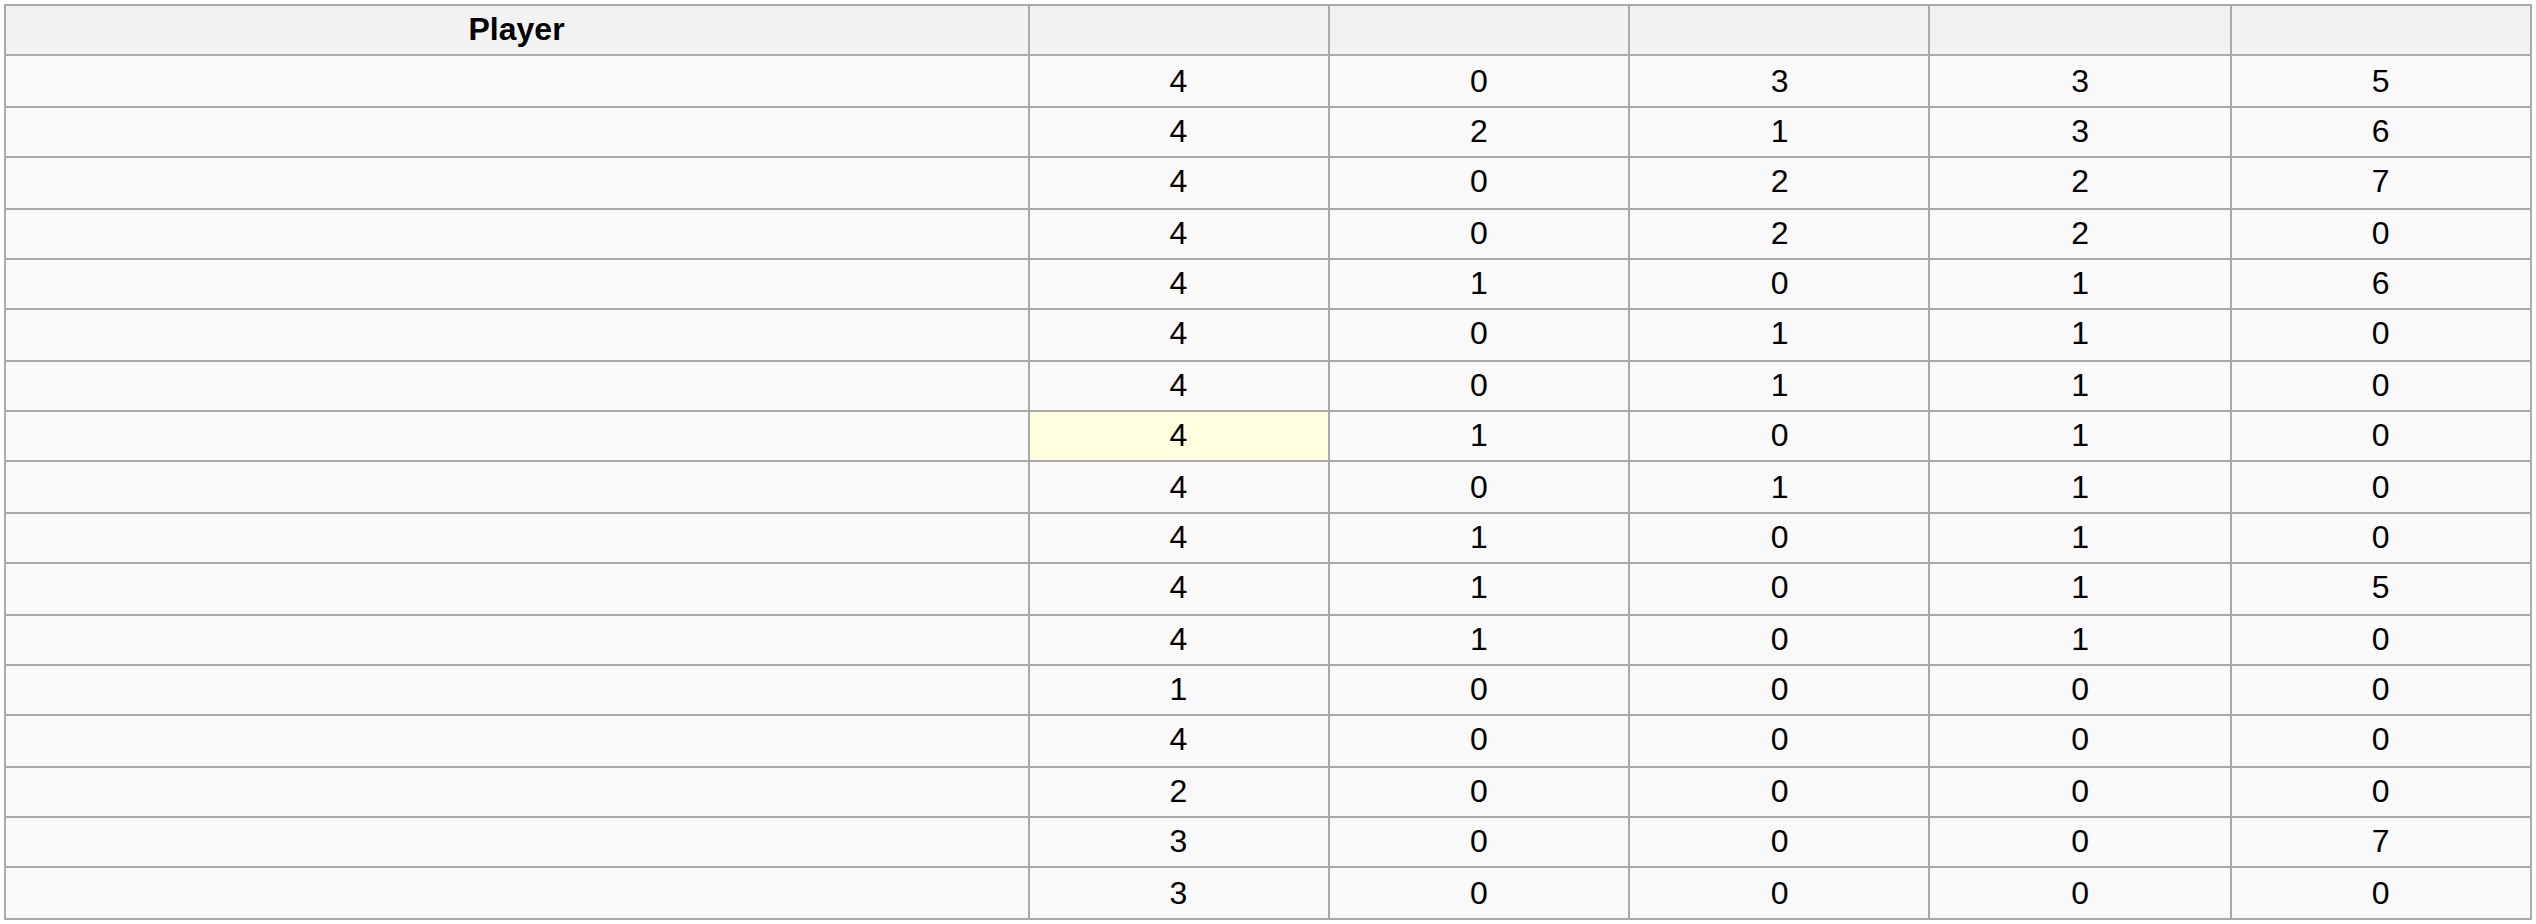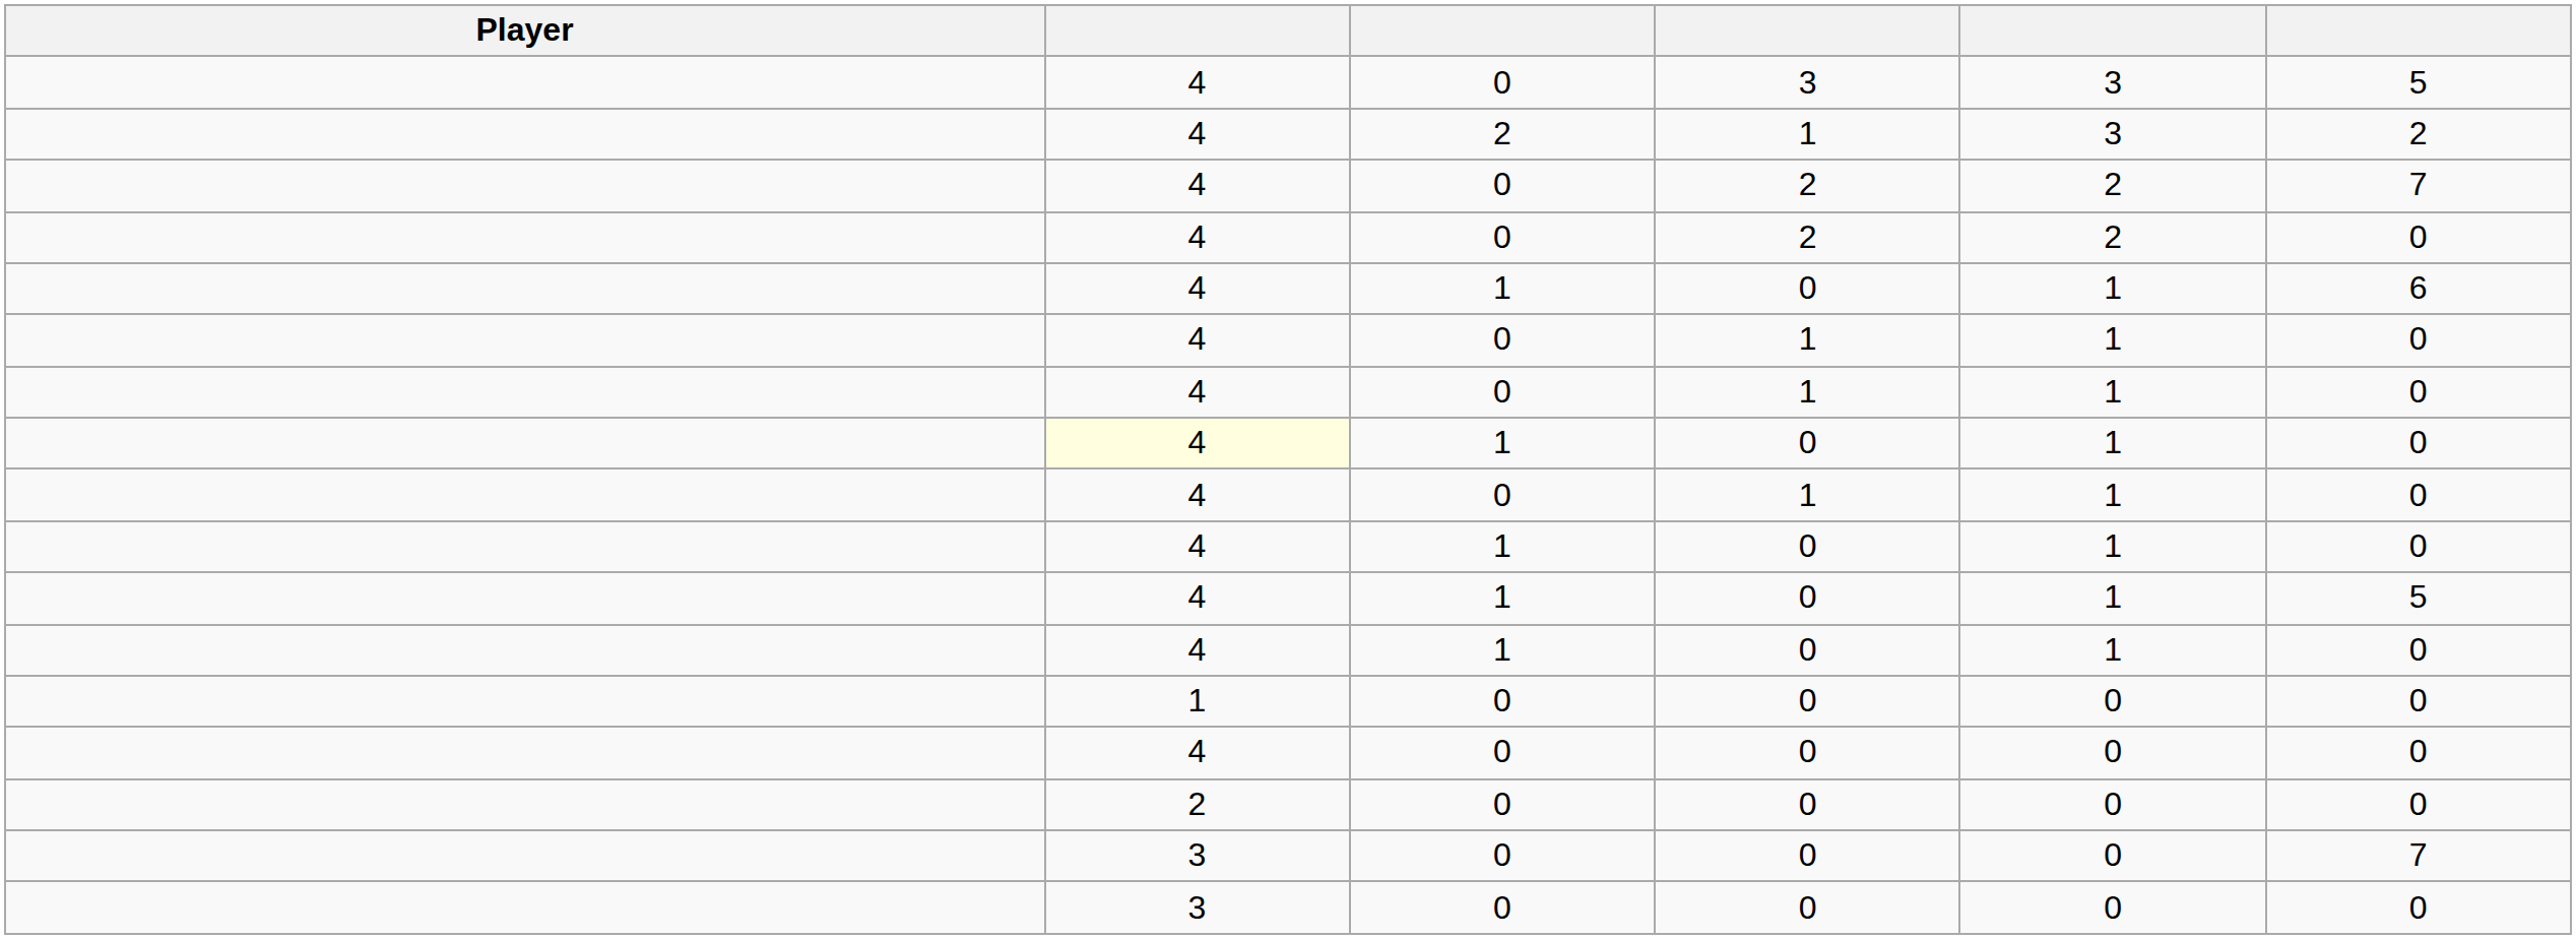 <table class="wikitable sortable" style="width:100%;">
 <tr align=center>
 <th>Player</th>
 <th></th>
 <th></th>
 <th></th>
 <th></th>
 <th></th>
 </tr>
 <tr align=center>
 <td></td>
 <td>4</td>
 <td>0</td>
 <td>3</td>
 <td>3</td>
 <td>5</td>
 </tr>
 <tr align=center>
 <td></td>
 <td>4</td>
 <td>2</td>
 <td>1</td>
 <td>3</td>
-<td>6</td>
+<td>2</td>
 </tr>
 <tr align=center>
 <td></td>
 <td>4</td>
 <td>0</td>
 <td>2</td>
 <td>2</td>
 <td>7</td>
 </tr>
 <tr align=center>
 <td></td>
 <td>4</td>
 <td>0</td>
 <td>2</td>
 <td>2</td>
 <td>0</td>
 </tr>
 <tr align=center>
 <td></td>
 <td>4</td>
 <td>1</td>
 <td>0</td>
 <td>1</td>
 <td>6</td>
 </tr>
 <tr align=center>
 <td></td>
 <td>4</td>
 <td>0</td>
 <td>1</td>
 <td>1</td>
 <td>0</td>
 </tr>
 <tr align=center>
 <td></td>
 <td>4</td>
 <td>0</td>
 <td>1</td>
 <td>1</td>
 <td>0</td>
 </tr>
 <tr align=center>
 <td></td>
 <td style="background: lightyellow;">4</td>
 <td>1</td>
 <td>0</td>
 <td>1</td>
 <td>0</td>
 </tr>
 <tr align=center>
 <td></td>
 <td>4</td>
 <td>0</td>
 <td>1</td>
 <td>1</td>
 <td>0</td>
 </tr>
 <tr align=center>
 <td></td>
 <td>4</td>
 <td>1</td>
 <td>0</td>
 <td>1</td>
 <td>0</td>
 </tr>
 <tr align=center>
 <td></td>
 <td>4</td>
 <td>1</td>
 <td>0</td>
 <td>1</td>
 <td>5</td>
 </tr>
 <tr align=center>
 <td></td>
 <td>4</td>
 <td>1</td>
 <td>0</td>
 <td>1</td>
 <td>0</td>
 </tr>
 <tr align=center>
 <td></td>
 <td>1</td>
 <td>0</td>
 <td>0</td>
 <td>0</td>
 <td>0</td>
 </tr>
 <tr align=center>
 <td></td>
 <td>4</td>
 <td>0</td>
 <td>0</td>
 <td>0</td>
 <td>0</td>
 </tr>
 <tr align=center>
 <td></td>
 <td>2</td>
 <td>0</td>
 <td>0</td>
 <td>0</td>
 <td>0</td>
 </tr>
 <tr align=center>
 <td></td>
 <td>3</td>
 <td>0</td>
 <td>0</td>
 <td>0</td>
 <td>7</td>
 </tr>
 <tr align=center>
 <td></td>
 <td>3</td>
 <td>0</td>
 <td>0</td>
 <td>0</td>
 <td>0</td>
 </tr>
 </table>
